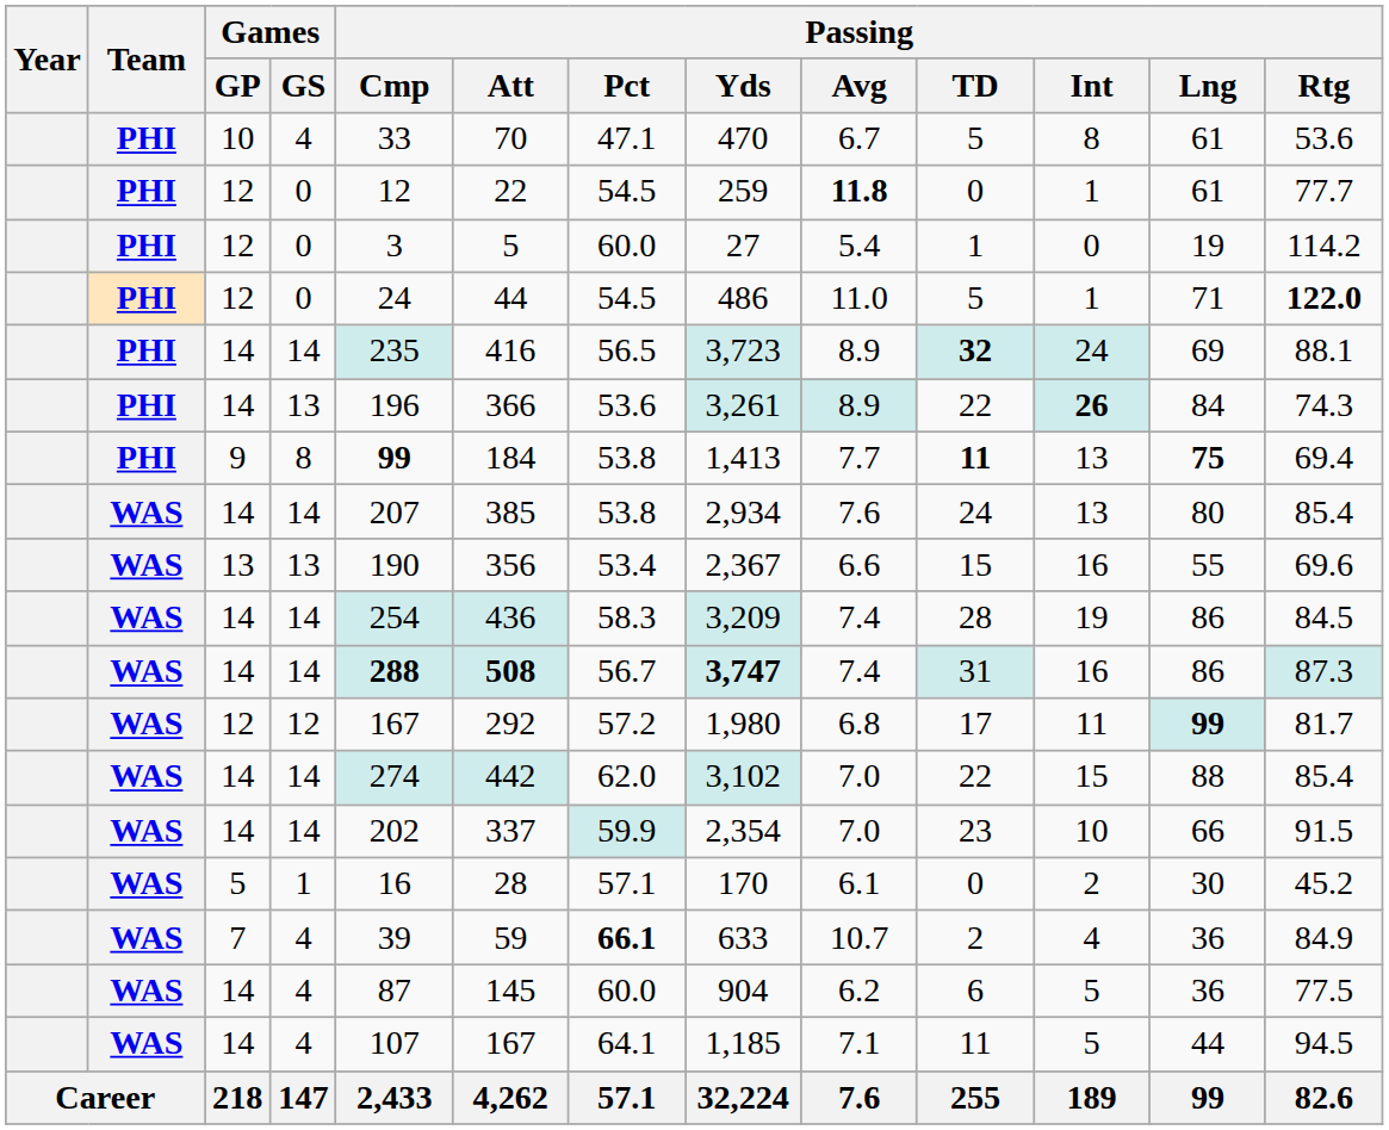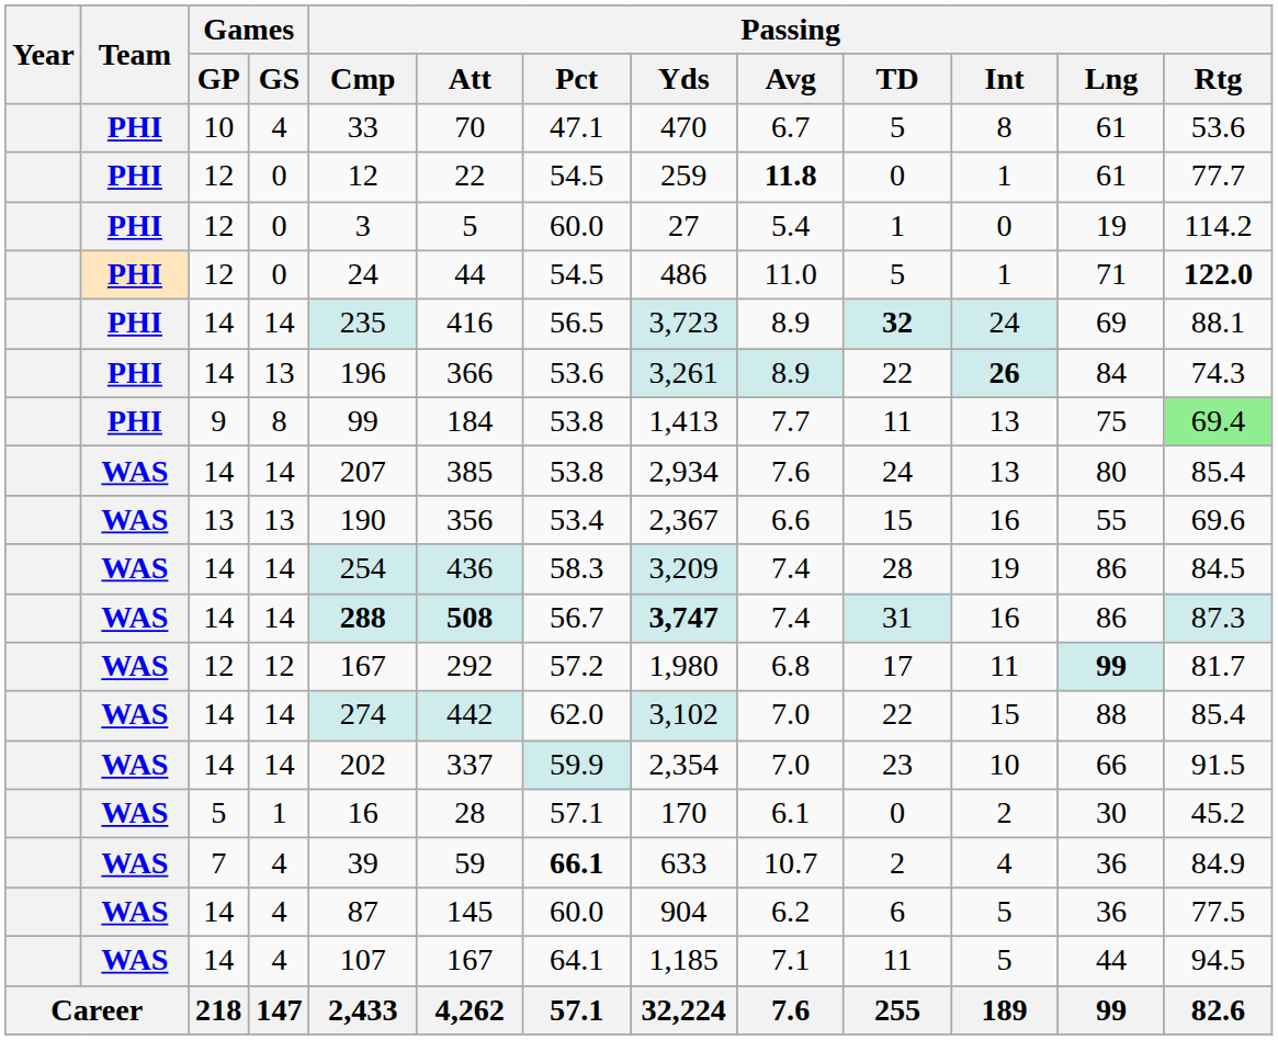 <table class="wikitable" style="text-align:center;">
 <tr>
 <th rowspan="2">Year</th>
 <th rowspan="2">Team</th>
 <th colspan="2">Games</th>
 <th colspan="9">Passing</th>
 </tr>
 <tr>
 <th>GP</th>
 <th>GS</th>
 <th>Cmp</th>
 <th>Att</th>
 <th>Pct</th>
 <th>Yds</th>
 <th>Avg</th>
 <th>TD</th>
 <th>Int</th>
 <th>Lng</th>
 <th>Rtg</th>
 </tr>
 <tr>
 <th></th>
 <th><a href='#'>PHI</a></th>
 <td>10</td>
 <td>4</td>
 <td>33</td>
 <td>70</td>
 <td>47.1</td>
 <td>470</td>
 <td>6.7</td>
 <td>5</td>
 <td>8</td>
 <td>61</td>
 <td>53.6</td>
 </tr>
 <tr>
 <th></th>
 <th><a href='#'>PHI</a></th>
 <td>12</td>
 <td>0</td>
 <td>12</td>
 <td>22</td>
 <td>54.5</td>
 <td>259</td>
 <td><strong>11.8</strong></td>
 <td>0</td>
 <td>1</td>
 <td>61</td>
 <td>77.7</td>
 </tr>
 <tr>
 <th></th>
 <th><a href='#'>PHI</a></th>
 <td>12</td>
 <td>0</td>
 <td>3</td>
 <td>5</td>
 <td>60.0</td>
 <td>27</td>
 <td>5.4</td>
 <td>1</td>
 <td>0</td>
 <td>19</td>
 <td>114.2</td>
 </tr>
 <tr>
 <th></th>
 <th style="background:#ffe6bd; width:3em;"><a href='#'>PHI</a></th>
 <td>12</td>
 <td>0</td>
 <td>24</td>
 <td>44</td>
 <td>54.5</td>
 <td>486</td>
 <td>11.0</td>
 <td>5</td>
 <td>1</td>
 <td>71</td>
 <td><strong>122.0</strong></td>
 </tr>
 <tr>
 <th></th>
 <th><a href='#'>PHI</a></th>
 <td>14</td>
 <td>14</td>
 <td style="background:#cfecec; width:3em;">235</td>
 <td>416</td>
 <td>56.5</td>
 <td style="background:#cfecec; width:3em;">3,723</td>
 <td>8.9</td>
 <td style="background:#cfecec; width:3em;"><strong>32</strong></td>
 <td style="background:#cfecec; width:3em;">24</td>
 <td>69</td>
 <td>88.1</td>
 </tr>
 <tr>
 <th></th>
 <th><a href='#'>PHI</a></th>
 <td>14</td>
 <td>13</td>
 <td>196</td>
 <td>366</td>
 <td>53.6</td>
 <td style="background:#cfecec; width:3em;">3,261</td>
 <td style="background:#cfecec; width:3em;">8.9</td>
 <td>22</td>
 <td style="background:#cfecec; width:3em;"><strong>26</strong></td>
 <td>84</td>
 <td>74.3</td>
 </tr>
 <tr>
 <th></th>
 <th><a href='#'>PHI</a></th>
 <td>9</td>
 <td>8</td>
-<td><strong>99</strong></td>
+<td>99</td>
 <td>184</td>
 <td>53.8</td>
 <td>1,413</td>
 <td>7.7</td>
-<td><strong>11</strong></td>
+<td>11</td>
 <td>13</td>
-<td><strong>75</strong></td>
-<td>69.4</td>
+<td>75</td>
+<td style="background: lightgreen;">69.4</td>
 </tr>
 <tr>
 <th></th>
 <th><a href='#'>WAS</a></th>
 <td>14</td>
 <td>14</td>
 <td>207</td>
 <td>385</td>
 <td>53.8</td>
 <td>2,934</td>
 <td>7.6</td>
 <td>24</td>
 <td>13</td>
 <td>80</td>
 <td>85.4</td>
 </tr>
 <tr>
 <th></th>
 <th><a href='#'>WAS</a></th>
 <td>13</td>
 <td>13</td>
 <td>190</td>
 <td>356</td>
 <td>53.4</td>
 <td>2,367</td>
 <td>6.6</td>
 <td>15</td>
 <td>16</td>
 <td>55</td>
 <td>69.6</td>
 </tr>
 <tr>
 <th></th>
 <th><a href='#'>WAS</a></th>
 <td>14</td>
 <td>14</td>
 <td style="background:#cfecec; width:3em;">254</td>
 <td style="background:#cfecec; width:3em;">436</td>
 <td>58.3</td>
 <td style="background:#cfecec; width:3em;">3,209</td>
 <td>7.4</td>
 <td>28</td>
 <td>19</td>
 <td>86</td>
 <td>84.5</td>
 </tr>
 <tr>
 <th></th>
 <th><a href='#'>WAS</a></th>
 <td>14</td>
 <td>14</td>
 <td style="background:#cfecec; width:3em;"><strong>288</strong></td>
 <td style="background:#cfecec; width:3em;"><strong>508</strong></td>
 <td>56.7</td>
 <td style="background:#cfecec; width:3em;"><strong>3,747</strong></td>
 <td>7.4</td>
 <td style="background:#cfecec; width:3em;">31</td>
 <td>16</td>
 <td>86</td>
 <td style="background:#cfecec; width:3em;">87.3</td>
 </tr>
 <tr>
 <th></th>
 <th><a href='#'>WAS</a></th>
 <td>12</td>
 <td>12</td>
 <td>167</td>
 <td>292</td>
 <td>57.2</td>
 <td>1,980</td>
 <td>6.8</td>
 <td>17</td>
 <td>11</td>
 <td style="background:#cfecec; width:3em;"><strong>99</strong></td>
 <td>81.7</td>
 </tr>
 <tr>
 <th></th>
 <th><a href='#'>WAS</a></th>
 <td>14</td>
 <td>14</td>
 <td style="background:#cfecec; width:3em;">274</td>
 <td style="background:#cfecec; width:3em;">442</td>
 <td>62.0</td>
 <td style="background:#cfecec; width:3em;">3,102</td>
 <td>7.0</td>
 <td>22</td>
 <td>15</td>
 <td>88</td>
 <td>85.4</td>
 </tr>
 <tr>
 <th></th>
 <th><a href='#'>WAS</a></th>
 <td>14</td>
 <td>14</td>
 <td>202</td>
 <td>337</td>
 <td style="background:#cfecec; width:3em;">59.9</td>
 <td>2,354</td>
 <td>7.0</td>
 <td>23</td>
 <td>10</td>
 <td>66</td>
 <td>91.5</td>
 </tr>
 <tr>
 <th></th>
 <th><a href='#'>WAS</a></th>
 <td>5</td>
 <td>1</td>
 <td>16</td>
 <td>28</td>
 <td>57.1</td>
 <td>170</td>
 <td>6.1</td>
 <td>0</td>
 <td>2</td>
 <td>30</td>
 <td>45.2</td>
 </tr>
 <tr>
 <th></th>
 <th><a href='#'>WAS</a></th>
 <td>7</td>
 <td>4</td>
 <td>39</td>
 <td>59</td>
 <td><strong>66.1</strong></td>
 <td>633</td>
 <td>10.7</td>
 <td>2</td>
 <td>4</td>
 <td>36</td>
 <td>84.9</td>
 </tr>
 <tr>
 <th></th>
 <th><a href='#'>WAS</a></th>
 <td>14</td>
 <td>4</td>
 <td>87</td>
 <td>145</td>
 <td>60.0</td>
 <td>904</td>
 <td>6.2</td>
 <td>6</td>
 <td>5</td>
 <td>36</td>
 <td>77.5</td>
 </tr>
 <tr>
 <th></th>
 <th><a href='#'>WAS</a></th>
 <td>14</td>
 <td>4</td>
 <td>107</td>
 <td>167</td>
 <td>64.1</td>
 <td>1,185</td>
 <td>7.1</td>
 <td>11</td>
 <td>5</td>
 <td>44</td>
 <td>94.5</td>
 </tr>
 <tr>
 <th colspan="2">Career</th>
 <th>218</th>
 <th>147</th>
 <th>2,433</th>
 <th>4,262</th>
 <th>57.1</th>
 <th>32,224</th>
 <th>7.6</th>
 <th>255</th>
 <th>189</th>
 <th>99</th>
 <th>82.6</th>
 </tr>
 </table>
